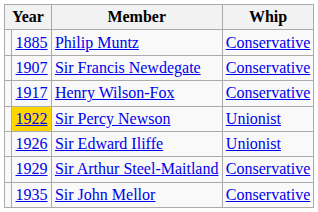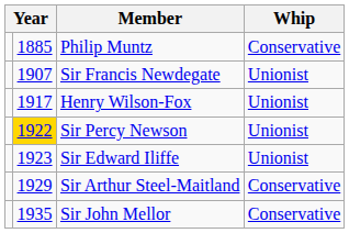 <table class="wikitable">
 <tr>
 <th colspan="2">Year</th>
 <th>Member</th>
 <th>Whip</th>
 </tr>
 <tr>
 <td style="color:inherit;background-color: "></td>
 <td><a href='#'>1885</a></td>
 <td><a href='#'>Philip Muntz</a> </td>
 <td><a href='#'>Conservative</a></td>
 </tr>
 <tr>
 <td style="color:inherit;background-color: "></td>
 <td><a href='#'>1907</a></td>
 <td><a href='#'>Sir Francis Newdegate</a> </td>
-<td><a href='#'>Conservative</a></td>
+<td><a href='#'>Unionist</a></td>
 </tr>
 <tr>
 <td style="color:inherit;background-color: "></td>
 <td><a href='#'>1917</a></td>
 <td><a href='#'>Henry Wilson-Fox</a> </td>
-<td><a href='#'>Conservative</a></td>
+<td><a href='#'>Unionist</a></td>
 </tr>
 <tr>
 <td style="color:inherit;background-color: "></td>
 <td style="background: gold;"><a href='#'>1922</a></td>
 <td><a href='#'>Sir Percy Newson</a>  </td>
 <td><a href='#'>Unionist</a></td>
 </tr>
 <tr>
 <td style="color:inherit;background-color: "></td>
-<td><a href='#'>1926</a></td>
+<td><a href='#'>1923</a></td>
 <td><a href='#'>Sir Edward Iliffe</a></td>
 <td><a href='#'>Unionist</a></td>
 </tr>
 <tr>
 <td style="color:inherit;background-color: "></td>
 <td><a href='#'>1929</a></td>
 <td><a href='#'>Sir Arthur Steel-Maitland</a>  </td>
 <td><a href='#'>Conservative</a></td>
 </tr>
 <tr>
 <td style="color:inherit;background-color: "></td>
 <td><a href='#'>1935</a></td>
 <td><a href='#'>Sir John Mellor</a>  </td>
 <td><a href='#'>Conservative</a></td>
 </tr>
 </table>
